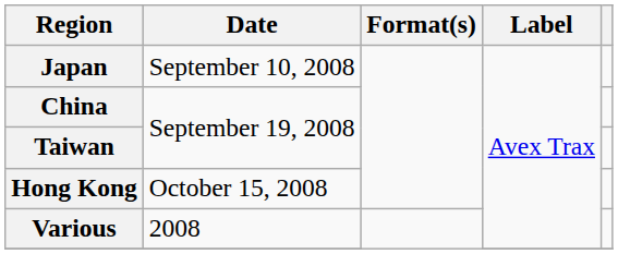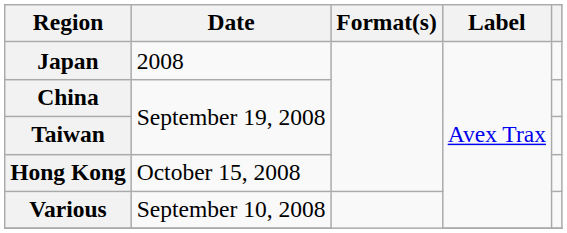 <table class="wikitable plainrowheaders">
 <tr>
 <th scope="col">Region</th>
 <th scope="col">Date</th>
 <th scope="col">Format(s)</th>
 <th scope="col">Label</th>
 <th scope="col"></th>
 </tr>
 <tr>
 <th scope="row">Japan</th>
-<td>September 10, 2008</td>
+<td>2008</td>
 <td rowspan="4"></td>
 <td rowspan="5"><a href='#'>Avex Trax</a></td>
 <td></td>
 </tr>
 <tr>
 <th scope="row">China</th>
 <td rowspan="2">September 19, 2008</td>
 <td></td>
 </tr>
 <tr>
 <th scope="row">Taiwan</th>
 <td></td>
 </tr>
 <tr>
 <th scope="row">Hong Kong</th>
 <td>October 15, 2008</td>
 <td></td>
 </tr>
 <tr>
 <th scope="row">Various</th>
-<td>2008</td>
+<td>September 10, 2008</td>
 <td rowspan="4"></td>
 <td></td>
 </tr>
 <tr>
 </tr>
 </table>
